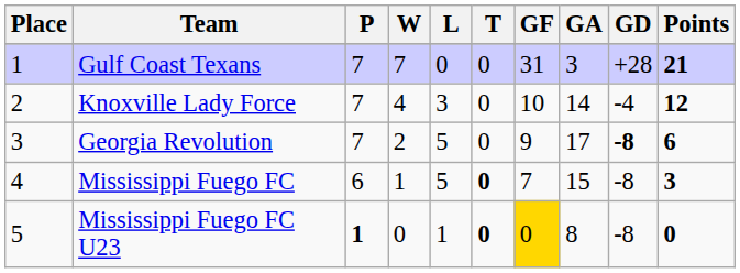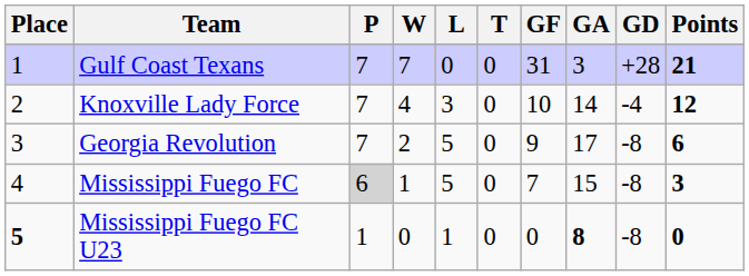 <table class="wikitable">
 <tr>
 <th>Place</th>
 <th width="170">Team</th>
 <th width="20">P</th>
 <th width="20">W</th>
 <th width="20">L</th>
 <th width="20">T</th>
 <th width="20">GF</th>
 <th width="20">GA</th>
 <th width="25">GD</th>
 <th>Points</th>
 </tr>
 <tr>
 </tr>
 <tr bgcolor=#ccccff>
 <td>1</td>
 <td><a href='#'>Gulf Coast Texans</a></td>
 <td>7</td>
 <td>7</td>
 <td>0</td>
 <td>0</td>
 <td>31</td>
 <td>3</td>
 <td>+28</td>
 <td><strong>21</strong></td>
 </tr>
 <tr>
 <td>2</td>
 <td><a href='#'>Knoxville Lady Force</a></td>
 <td>7</td>
 <td>4</td>
 <td>3</td>
 <td>0</td>
 <td>10</td>
 <td>14</td>
 <td>-4</td>
 <td><strong>12</strong></td>
 </tr>
 <tr>
 <td>3</td>
 <td><a href='#'>Georgia Revolution</a></td>
 <td>7</td>
 <td>2</td>
 <td>5</td>
 <td>0</td>
 <td>9</td>
 <td>17</td>
-<td><strong>-8</strong></td>
+<td>-8</td>
 <td><strong>6</strong></td>
 </tr>
 <tr>
 <td>4</td>
 <td><a href='#'>Mississippi Fuego FC</a></td>
-<td>6</td>
+<td style="background: lightgrey;">6</td>
 <td>1</td>
 <td>5</td>
-<td><strong>0</strong></td>
+<td>0</td>
 <td>7</td>
 <td>15</td>
 <td>-8</td>
 <td><strong>3</strong></td>
 </tr>
 <tr>
-<td>5</td>
+<td><strong>5</strong></td>
 <td><a href='#'>Mississippi Fuego FC U23</a></td>
-<td><strong>1</strong></td>
+<td>1</td>
 <td>0</td>
 <td>1</td>
-<td><strong>0</strong></td>
-<td style="background: gold;">0</td>
-<td>8</td>
+<td>0</td>
+<td>0</td>
+<td><strong>8</strong></td>
 <td>-8</td>
 <td><strong>0</strong></td>
 </tr>
 </table>
